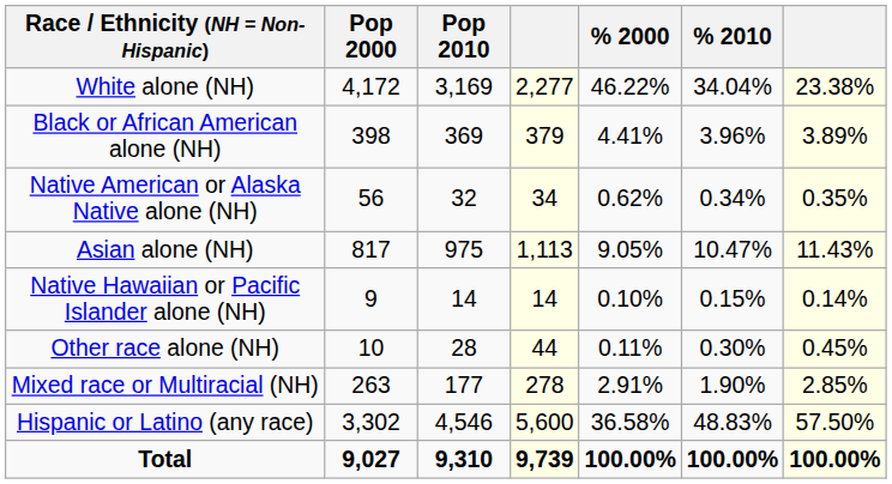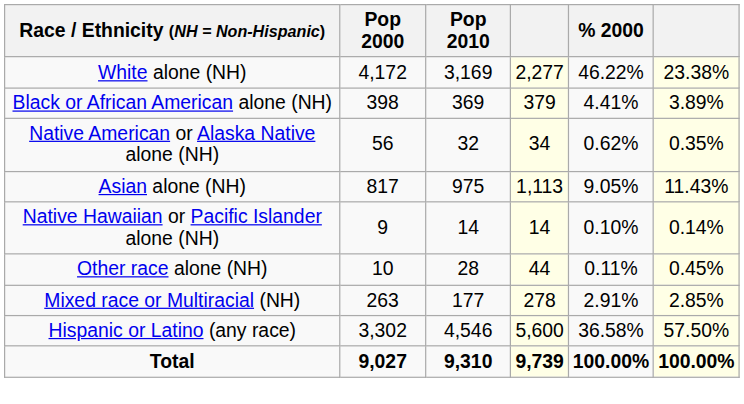 <table class="wikitable" style="text-align:center;">
 <tr>
 <th>Race / Ethnicity <small>(<em>NH = Non-Hispanic</em>)</small></th>
 <th>Pop 2000</th>
 <th>Pop 2010</th>
 <th></th>
 <th>% 2000</th>
-<th>% 2010</th>
 <th></th>
 </tr>
 <tr>
 <td><a href='#'>White</a> alone (NH)</td>
 <td>4,172</td>
 <td>3,169</td>
 <td style='background: #ffffe6;'>2,277</td>
 <td>46.22%</td>
-<td>34.04%</td>
 <td style='background: #ffffe6;'>23.38%</td>
 </tr>
 <tr>
 <td><a href='#'>Black or African American</a> alone (NH)</td>
 <td>398</td>
 <td>369</td>
 <td style='background: #ffffe6;'>379</td>
 <td>4.41%</td>
-<td>3.96%</td>
 <td style='background: #ffffe6;'>3.89%</td>
 </tr>
 <tr>
 <td><a href='#'>Native American</a> or <a href='#'>Alaska Native</a> alone (NH)</td>
 <td>56</td>
 <td>32</td>
 <td style='background: #ffffe6;'>34</td>
 <td>0.62%</td>
-<td>0.34%</td>
 <td style='background: #ffffe6;'>0.35%</td>
 </tr>
 <tr>
 <td><a href='#'>Asian</a> alone (NH)</td>
 <td>817</td>
 <td>975</td>
 <td style='background: #ffffe6;'>1,113</td>
 <td>9.05%</td>
-<td>10.47%</td>
 <td style='background: #ffffe6;'>11.43%</td>
 </tr>
 <tr>
 <td><a href='#'>Native Hawaiian</a> or <a href='#'>Pacific Islander</a> alone (NH)</td>
 <td>9</td>
 <td>14</td>
 <td style='background: #ffffe6;'>14</td>
 <td>0.10%</td>
-<td>0.15%</td>
 <td style='background: #ffffe6;'>0.14%</td>
 </tr>
 <tr>
 <td><a href='#'>Other race</a> alone (NH)</td>
 <td>10</td>
 <td>28</td>
 <td style='background: #ffffe6;'>44</td>
 <td>0.11%</td>
-<td>0.30%</td>
 <td style='background: #ffffe6;'>0.45%</td>
 </tr>
 <tr>
 <td><a href='#'>Mixed race or Multiracial</a> (NH)</td>
 <td>263</td>
 <td>177</td>
 <td style='background: #ffffe6;'>278</td>
 <td>2.91%</td>
-<td>1.90%</td>
 <td style='background: #ffffe6;'>2.85%</td>
 </tr>
 <tr>
 <td><a href='#'>Hispanic or Latino</a> (any race)</td>
 <td>3,302</td>
 <td>4,546</td>
 <td style='background: #ffffe6;'>5,600</td>
 <td>36.58%</td>
-<td>48.83%</td>
 <td style='background: #ffffe6;'>57.50%</td>
 </tr>
 <tr>
 <td><strong>Total</strong></td>
 <td><strong>9,027</strong></td>
 <td><strong>9,310</strong></td>
 <td style='background: #ffffe6;'><strong>9,739</strong></td>
 <td><strong>100.00%</strong></td>
-<td><strong>100.00%</strong></td>
 <td style='background: #ffffe6;'><strong>100.00%</strong></td>
 </tr>
 </table>
